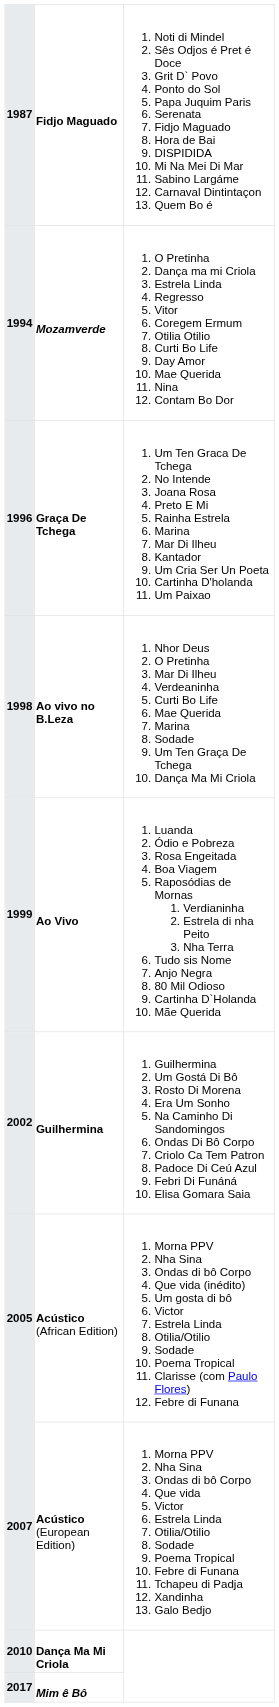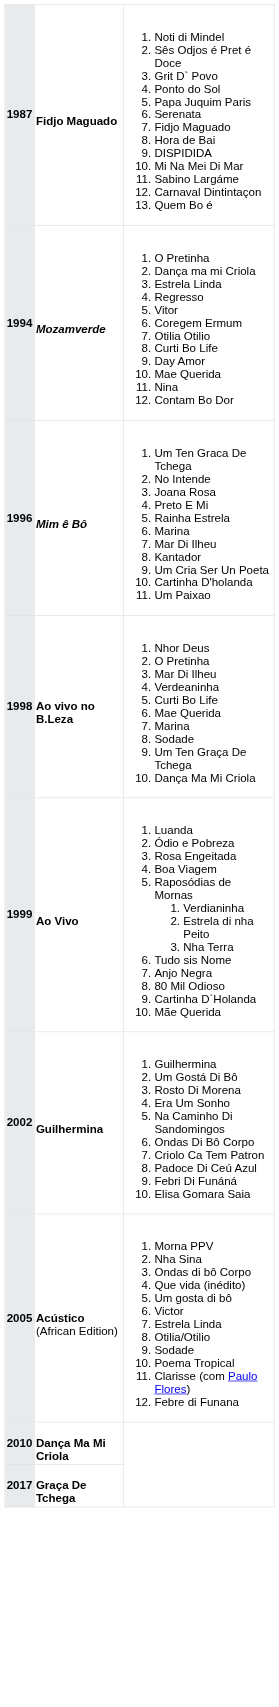 <table class="toccolours" border=1 cellpadding=2 cellspacing=0 style="float: lleft; width: 375px; margin: 0 0 1em 1em; border-collapse: collapse; border: 1px solid #E2E2E2;">
 <tr>
 <th bgcolor="#E7EBEE">1987</th>
 <td><br><strong>Fidjo Maguado</strong></td>
 <td><br><ol><li>Noti di Mindel</li><li>Sês Odjos é Pret é Doce</li><li>Grit D` Povo</li><li>Ponto do Sol</li><li>Papa Juquim Paris</li><li>Serenata</li><li>Fidjo Maguado</li><li>Hora de Bai</li><li>DISPIDIDA</li><li>Mi Na Mei Di Mar</li><li>Sabino Largáme</li><li>Carnaval Dintintaçon</li><li>Quem Bo é</li></ol></td>
 </tr>
 <tr>
 <th bgcolor="#E7EBEE">1994</th>
 <td><br><strong><em>Mozamverde</em></strong></td>
 <td><br><ol><li>O Pretinha</li><li>Dança ma mi Criola</li><li>Estrela Linda</li><li>Regresso</li><li>Vitor</li><li>Coregem Ermum</li><li>Otilia Otilio</li><li>Curti Bo Life</li><li>Day Amor</li><li>Mae Querida</li><li>Nina</li><li>Contam Bo Dor</li></ol></td>
 </tr>
 <tr>
 <th bgcolor="#E7EBEE">1996</th>
-<td><br><strong>Graça De Tchega</strong></td>
+<td><br><strong><em>Mim ê Bô</em></strong></td>
 <td><br><ol><li>Um Ten Graca De Tchega</li><li>No Intende</li><li>Joana Rosa</li><li>Preto E Mi</li><li>Rainha Estrela</li><li>Marina</li><li>Mar Di Ilheu</li><li>Kantador</li><li>Um Cria Ser Un Poeta</li><li>Cartinha D'holanda</li><li>Um Paixao</li></ol></td>
 </tr>
 <tr>
 <th bgcolor="#E7EBEE">1998</th>
 <td><br><strong>Ao vivo no B.Leza</strong></td>
 <td><br><ol><li>Nhor Deus</li><li>O Pretinha</li><li>Mar Di Ilheu</li><li>Verdeaninha</li><li>Curti Bo Life</li><li>Mae Querida</li><li>Marina</li><li>Sodade</li><li>Um Ten Graça De Tchega</li><li>Dança Ma Mi Criola</li></ol></td>
 </tr>
 <tr>
 <th bgcolor="#E7EBEE">1999</th>
 <td><br><strong>Ao Vivo</strong></td>
 <td><br><ol><li>Luanda</li><li>Ódio e Pobreza</li><li>Rosa Engeitada</li><li>Boa Viagem</li><li>Raposódias de Mornas<ol><li>Verdianinha</li><li>Estrela di nha Peito</li><li>Nha Terra</li></ol></li><li>Tudo sis Nome</li><li>Anjo Negra</li><li>80 Mil Odioso</li><li>Cartinha D`Holanda</li><li>Mãe Querida</li></ol></td>
 </tr>
 <tr>
 <th bgcolor="#E7EBEE">2002</th>
 <td><br><strong>Guilhermina</strong></td>
 <td><br><ol><li>Guilhermina</li><li>Um Gostá Di Bô</li><li>Rosto Di Morena</li><li>Era Um Sonho</li><li>Na Caminho Di Sandomingos</li><li>Ondas Di Bô Corpo</li><li>Criolo Ca Tem Patron</li><li>Padoce Di Ceú Azul</li><li>Febri Di Funáná</li><li>Elisa Gomara Saia</li></ol></td>
 </tr>
 <tr>
 <th bgcolor="#E7EBEE">2005</th>
 <td><br><strong>Acústico</strong><br>(African Edition)</td>
 <td><br><ol><li>Morna PPV</li><li>Nha Sina</li><li>Ondas di bô Corpo</li><li>Que vida (inédito)</li><li>Um gosta di bô</li><li>Victor</li><li>Estrela Linda</li><li>Otilia/Otilio</li><li>Sodade</li><li>Poema Tropical</li><li>Clarisse (com <a href='#'>Paulo Flores</a>)</li><li>Febre di Funana</li></ol></td>
 </tr>
 <tr>
-<th bgcolor="#E7EBEE">2007</th>
-<td><br><strong>Acústico</strong><br>(European Edition)</td>
-<td><br><ol><li>Morna PPV</li><li>Nha Sina</li><li>Ondas di bô Corpo</li><li>Que vida</li><li>Victor</li><li>Estrela Linda</li><li>Otilia/Otilio</li><li>Sodade</li><li>Poema Tropical</li><li>Febre di Funana</li><li>Tchapeu di Padja</li><li>Xandinha</li><li>Galo Bedjo</li></ol></td>
-</tr>
-<tr>
 <th bgcolor="#E7EBEE">2010</th>
 <td><br><strong>Dança Ma Mi Criola</strong></td>
 </tr>
 <tr>
 <th bgcolor=#E7EBEE>2017</th>
-<td><br><strong><em>Mim ê Bô</em></strong></td>
+<td><br><strong>Graça De Tchega</strong></td>
 </tr>
 </table>
